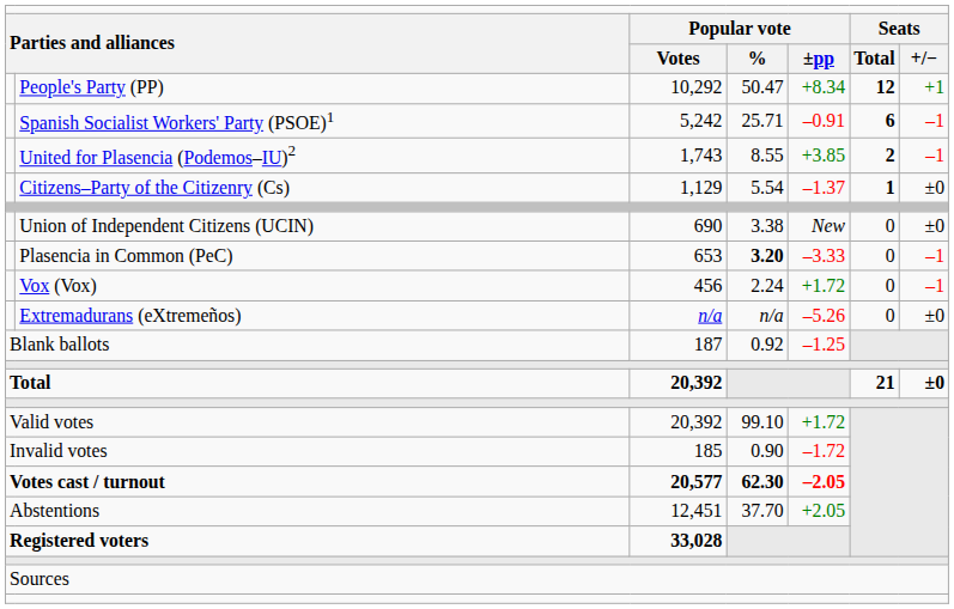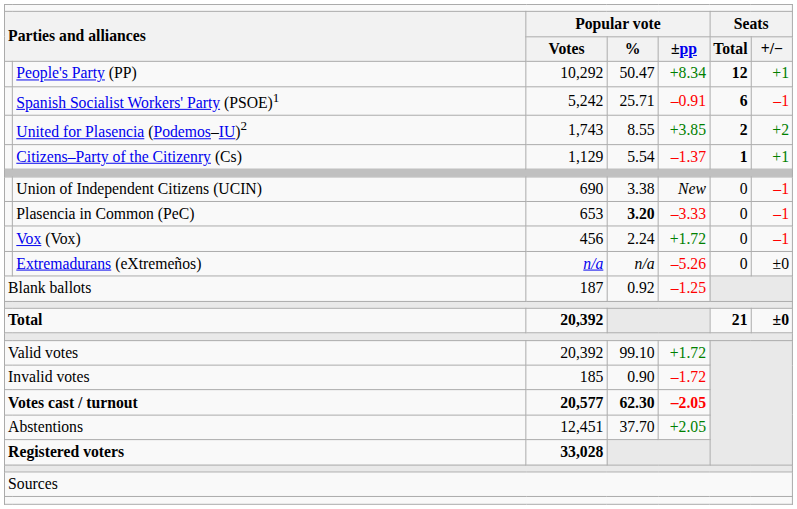 <table class="wikitable" style="text-align:right;">
 <tr>
 <td colspan="7"></td>
 </tr>
 <tr>
 <th style="text-align:left;" rowspan="2" colspan="2" width="525">Parties and alliances</th>
 <th colspan="3">Popular vote</th>
 <th colspan="2">Seats</th>
 </tr>
 <tr>
 <th width="75">Votes</th>
 <th width="45">%</th>
 <th width="45">±<a href='#'>pp</a></th>
 <th width="35">Total</th>
 <th width="35">+/−</th>
 </tr>
 <tr>
 <td width="1" style="color:inherit;background:"></td>
 <td align="left"><a href='#'>People's Party</a> (PP)</td>
 <td>10,292</td>
 <td>50.47</td>
 <td style="color:green;">+8.34</td>
 <td><strong>12</strong></td>
 <td style="color:green;">+1</td>
 </tr>
 <tr>
 <td style="color:inherit;background:"></td>
 <td align="left"><a href='#'>Spanish Socialist Workers' Party</a> (PSOE)<sup>1</sup></td>
 <td>5,242</td>
 <td>25.71</td>
 <td style="color:red;">–0.91</td>
 <td><strong>6</strong></td>
 <td style="color:red;">–1</td>
 </tr>
 <tr>
 <td style="color:inherit;background:"></td>
 <td align="left"><a href='#'>United for Plasencia</a> (<a href='#'>Podemos</a>–<a href='#'>IU</a>)<sup>2</sup></td>
 <td>1,743</td>
 <td>8.55</td>
 <td style="color:green;">+3.85</td>
 <td><strong>2</strong></td>
-<td style="color:red;">–1</td>
+<td style="color:green;">+2</td>
 </tr>
 <tr>
 <td style="color:inherit;background:"></td>
 <td align="left"><a href='#'>Citizens–Party of the Citizenry</a> (Cs)</td>
 <td>1,129</td>
 <td>5.54</td>
 <td style="color:red;">–1.37</td>
 <td><strong>1</strong></td>
-<td>±0</td>
+<td style="color:green;">+1</td>
 </tr>
 <tr>
 <td colspan="7" bgcolor="#C0C0C0"></td>
 </tr>
 <tr>
 <td style="color:inherit;background:"></td>
 <td align="left">Union of Independent Citizens (UCIN)</td>
 <td>690</td>
 <td>3.38</td>
 <td><em>New</em></td>
 <td>0</td>
-<td>±0</td>
+<td style="color:red;">–1</td>
 </tr>
 <tr>
 <td style="color:inherit;background:"></td>
 <td align="left">Plasencia in Common (PeC)</td>
 <td>653</td>
 <td><strong>3.20</strong></td>
 <td style="color:red;">–3.33</td>
 <td>0</td>
 <td style="color:red;">–1</td>
 </tr>
 <tr>
 <td style="color:inherit;background:"></td>
 <td align="left"><a href='#'>Vox</a> (Vox)</td>
 <td>456</td>
 <td>2.24</td>
 <td style="color:green;">+1.72</td>
 <td>0</td>
 <td style="color:red;">–1</td>
 </tr>
 <tr>
 <td style="color:inherit;background:"></td>
 <td align="left"><a href='#'>Extremadurans</a> (eXtremeños)</td>
 <td><em><a href='#'>n/a</a></em></td>
 <td><em>n/a</em></td>
 <td style="color:red;">–5.26</td>
 <td>0</td>
 <td>±0</td>
 </tr>
 <tr>
 <td align="left" colspan="2">Blank ballots</td>
 <td>187</td>
 <td>0.92</td>
 <td style="color:red;">–1.25</td>
 <td bgcolor="#E9E9E9" colspan="2"></td>
 </tr>
 <tr>
 <td colspan="7" bgcolor="#E9E9E9"></td>
 </tr>
 <tr style="font-weight:bold;">
 <td align="left" colspan="2">Total</td>
 <td>20,392</td>
 <td bgcolor="#E9E9E9" colspan="2"></td>
 <td>21</td>
 <td>±0</td>
 </tr>
 <tr>
 <td colspan="7" bgcolor="#E9E9E9"></td>
 </tr>
 <tr>
 <td align="left" colspan="2">Valid votes</td>
 <td>20,392</td>
 <td>99.10</td>
 <td style="color:green;">+1.72</td>
 <td bgcolor="#E9E9E9" colspan="2" rowspan="5"></td>
 </tr>
 <tr>
 <td align="left" colspan="2">Invalid votes</td>
 <td>185</td>
 <td>0.90</td>
 <td style="color:red;">–1.72</td>
 </tr>
 <tr style="font-weight:bold;">
 <td align="left" colspan="2">Votes cast / turnout</td>
 <td>20,577</td>
 <td>62.30</td>
 <td style="color:red;">–2.05</td>
 </tr>
 <tr>
 <td align="left" colspan="2">Abstentions</td>
 <td>12,451</td>
 <td>37.70</td>
 <td style="color:green;">+2.05</td>
 </tr>
 <tr style="font-weight:bold;">
 <td align="left" colspan="2">Registered voters</td>
 <td>33,028</td>
 <td bgcolor="#E9E9E9" colspan="2"></td>
 </tr>
 <tr>
 <td colspan="7" bgcolor="#E9E9E9"></td>
 </tr>
 <tr>
 <td align="left" colspan="7">Sources</td>
 </tr>
 <tr>
 <td colspan="7" style="text-align:left; max-width:790px;"></td>
 </tr>
 </table>
